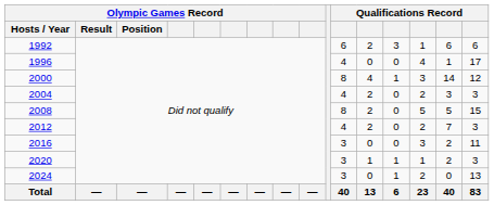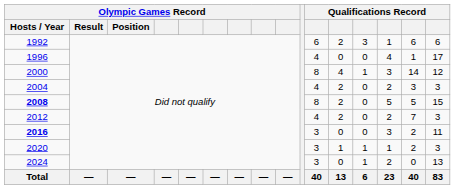 <table class="wikitable" style="text-align: center;font-size:90%;">
 <tr>
 <th colspan=9><a href='#'>Olympic Games</a> Record</th>
 <th width=1% rowspan=22></th>
 <th colspan=6>Qualifications Record</th>
 </tr>
 <tr>
 <th>Hosts / Year</th>
 <th>Result</th>
 <th>Position</th>
 <th width=30></th>
 <th width=30></th>
 <th width=30></th>
 <th width=30></th>
 <th width=30></th>
 <th width=30></th>
 <th width=30></th>
 <th width=30></th>
 <th width=30></th>
 <th width=30></th>
 <th width=30></th>
 <th width=30></th>
 </tr>
 <tr>
 <td> <a href='#'>1992</a></td>
 <td colspan=8 rowspan=9><em>Did not qualify</em></td>
 <td>6</td>
 <td>2</td>
 <td>3</td>
 <td>1</td>
 <td>6</td>
 <td>6</td>
 </tr>
 <tr>
 <td> <a href='#'>1996</a></td>
 <td>4</td>
 <td>0</td>
 <td>0</td>
 <td>4</td>
 <td>1</td>
 <td>17</td>
 </tr>
 <tr>
 <td> <a href='#'>2000</a></td>
 <td>8</td>
 <td>4</td>
 <td>1</td>
 <td>3</td>
 <td>14</td>
 <td>12</td>
 </tr>
 <tr>
 <td> <a href='#'>2004</a></td>
 <td>4</td>
 <td>2</td>
 <td>0</td>
 <td>2</td>
 <td>3</td>
 <td>3</td>
 </tr>
 <tr>
-<td> <a href='#'>2008</a></td>
+<td><strong> <a href='#'>2008</a></strong></td>
 <td>8</td>
 <td>2</td>
 <td>0</td>
 <td>5</td>
 <td>5</td>
 <td>15</td>
 </tr>
 <tr>
 <td> <a href='#'>2012</a></td>
 <td>4</td>
 <td>2</td>
 <td>0</td>
 <td>2</td>
 <td>7</td>
 <td>3</td>
 </tr>
 <tr>
-<td> <a href='#'>2016</a></td>
+<td><strong> <a href='#'>2016</a></strong></td>
 <td>3</td>
 <td>0</td>
 <td>0</td>
 <td>3</td>
 <td>2</td>
 <td>11</td>
 </tr>
 <tr>
 <td> <a href='#'>2020</a></td>
 <td>3</td>
 <td>1</td>
 <td>1</td>
 <td>1</td>
 <td>2</td>
 <td>3</td>
 </tr>
 <tr>
 <td> <a href='#'>2024</a></td>
 <td>3</td>
 <td>0</td>
 <td>1</td>
 <td>2</td>
 <td>0</td>
 <td>13</td>
 </tr>
 <tr>
 <th><strong>Total</strong></th>
 <th>—</th>
 <th>—</th>
 <th>—</th>
 <th>—</th>
 <th>—</th>
 <th>—</th>
 <th>—</th>
 <th>—</th>
 <th>40</th>
 <th>13</th>
 <th>6</th>
 <th>23</th>
 <th>40</th>
 <th>83</th>
 </tr>
 </table>
